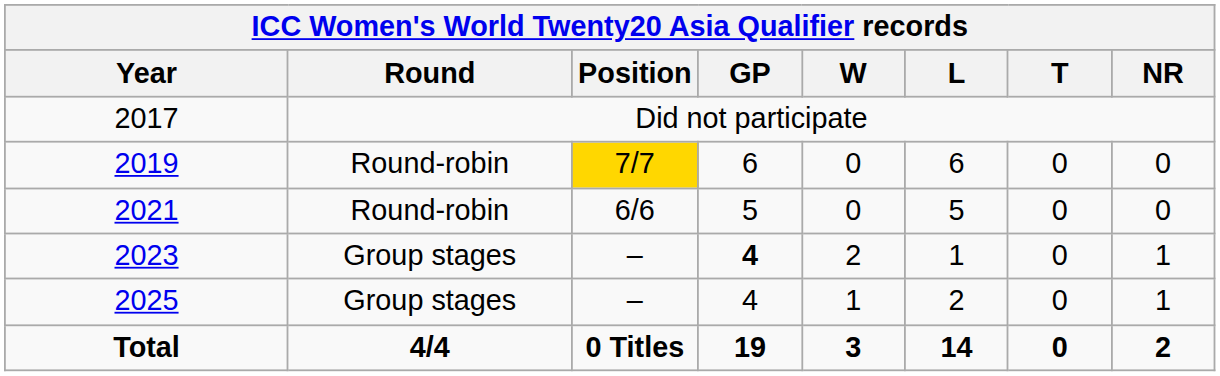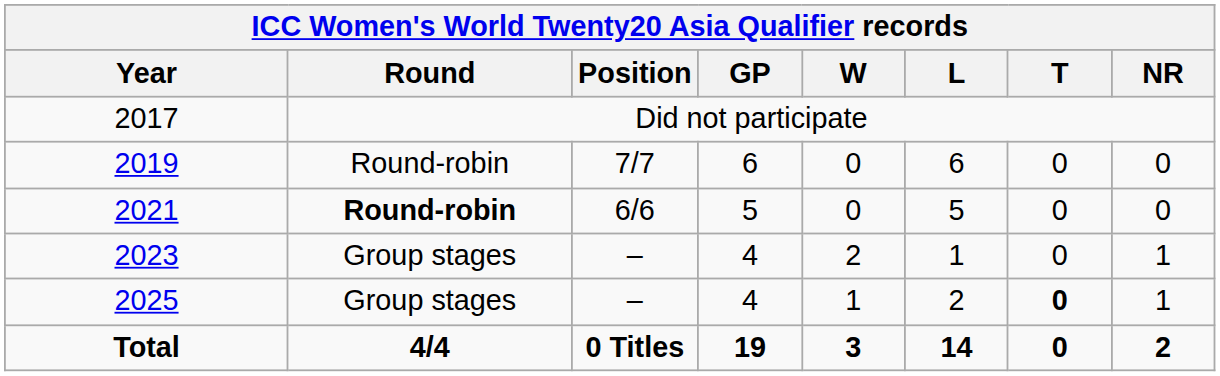 <table class="wikitable" style="text-align: center;">
 <tr>
 <th colspan=8><a href='#'>ICC Women's World Twenty20 Asia Qualifier</a> records</th>
 </tr>
 <tr>
 <th width=150>Year</th>
 <th width=150>Round</th>
 <th width=50>Position</th>
 <th width=50>GP</th>
 <th width=50>W</th>
 <th width=50>L</th>
 <th width=50>T</th>
 <th width=50>NR</th>
 </tr>
 <tr>
 <td> 2017</td>
 <td colspan=7  rowspan=1>Did not participate</td>
 </tr>
 <tr>
 <td> <a href='#'>2019</a></td>
 <td>Round-robin</td>
-<td style="background: gold;">7/7</td>
+<td>7/7</td>
 <td>6</td>
 <td>0</td>
 <td>6</td>
 <td>0</td>
 <td>0</td>
 </tr>
 <tr>
 <td> <a href='#'>2021</a></td>
-<td>Round-robin</td>
+<td><strong>Round-robin</strong></td>
 <td>6/6</td>
 <td>5</td>
 <td>0</td>
 <td>5</td>
 <td>0</td>
 <td>0</td>
 </tr>
 <tr>
 <td> <a href='#'>2023</a></td>
 <td>Group stages</td>
 <td>–</td>
-<td><strong>4</strong></td>
+<td>4</td>
 <td>2</td>
 <td>1</td>
 <td>0</td>
 <td>1</td>
 </tr>
 <tr>
 <td> <a href='#'>2025</a></td>
 <td>Group stages</td>
 <td>–</td>
 <td>4</td>
 <td>1</td>
 <td>2</td>
-<td>0</td>
+<td><strong>0</strong></td>
 <td>1</td>
 </tr>
 <tr>
 <td><strong>Total</strong></td>
 <td><strong>4/4</strong></td>
 <td><strong>0 Titles</strong></td>
 <td><strong>19</strong></td>
 <td><strong>3</strong></td>
 <td><strong>14</strong></td>
 <td><strong>0</strong></td>
 <td><strong>2</strong></td>
 </tr>
 </table>
